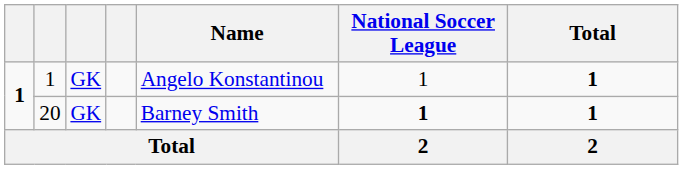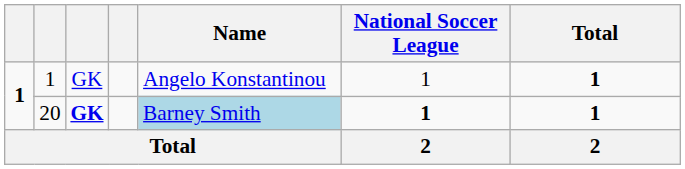 <table class="wikitable" style="text-align:center">
 <tr>
 <th width=15></th>
 <th width=15></th>
 <th width=15></th>
 <th width=15></th>
 <th width=145>Name</th>
 <th width=120><a href='#'>National Soccer League</a></th>
 <th width=120>Total</th>
 </tr>
 <tr>
 <td rowspan="2"><strong>1</strong></td>
 <td>1</td>
 <td><a href='#'>GK</a></td>
 <td></td>
 <td align=left><a href='#'>Angelo Konstantinou</a></td>
 <td>1</td>
 <td><strong>1</strong></td>
 </tr>
 <tr>
 <td>20</td>
-<td><a href='#'>GK</a></td>
+<td><strong><a href='#'>GK</a></strong></td>
 <td></td>
-<td align=left><a href='#'>Barney Smith</a></td>
+<td align=left style="background: lightblue;"><a href='#'>Barney Smith</a></td>
 <td><strong>1</strong></td>
 <td><strong>1</strong></td>
 </tr>
 <tr>
 <th colspan="5"><strong>Total</strong></th>
 <th>2</th>
 <th>2</th>
 </tr>
 </table>
